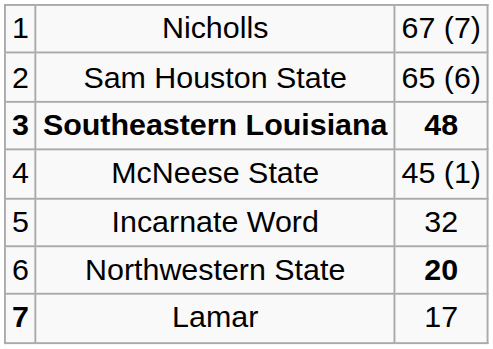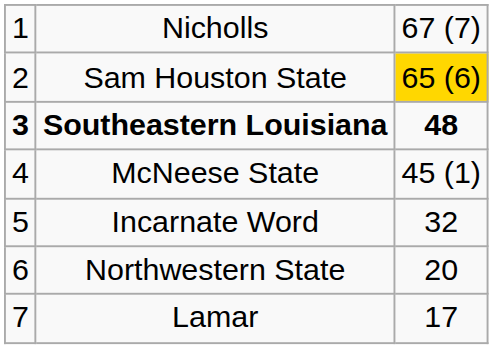 <table class="wikitable">
 <tr align="center">
 <td>1</td>
 <td>Nicholls</td>
 <td>67 (7)</td>
 </tr>
 <tr align="center">
 <td>2</td>
 <td>Sam Houston State</td>
-<td>65 (6)</td>
+<td style="background: gold;">65 (6)</td>
 </tr>
 <tr align="center">
 <td><strong>3</strong></td>
 <td><strong>Southeastern Louisiana</strong></td>
 <td><strong>48</strong></td>
 </tr>
 <tr align="center">
 <td>4</td>
 <td>McNeese State</td>
 <td>45 (1)</td>
 </tr>
 <tr align="center">
 <td>5</td>
 <td>Incarnate Word</td>
 <td>32</td>
 </tr>
 <tr align="center">
 <td>6</td>
 <td>Northwestern State</td>
-<td><strong>20</strong></td>
+<td>20</td>
 </tr>
 <tr align="center">
-<td><strong>7</strong></td>
+<td>7</td>
 <td>Lamar</td>
 <td>17</td>
 </tr>
 </table>
